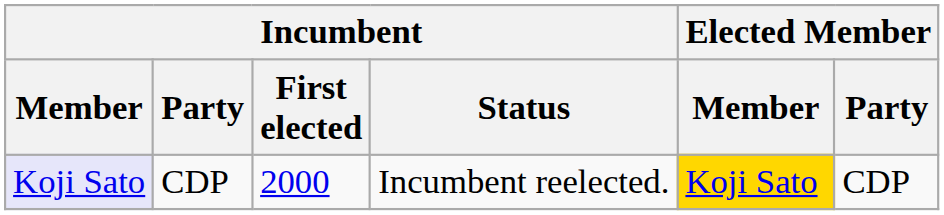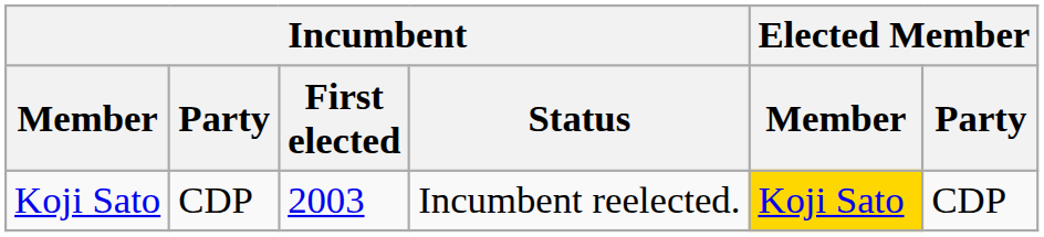 <table class="wikitable sortable">
 <tr>
 <th colspan=4>Incumbent</th>
 <th colspan=2>Elected Member</th>
 </tr>
 <tr>
 <th>Member</th>
 <th>Party</th>
 <th>First<br>elected</th>
 <th>Status</th>
 <th>Member</th>
 <th>Party</th>
 </tr>
 <tr>
-<td style="background: lavender;"><a href='#'>Koji Sato</a></td>
+<td><a href='#'>Koji Sato</a></td>
 <td>CDP</td>
-<td><a href='#'>2000</a></td>
+<td><a href='#'>2003</a></td>
 <td>Incumbent reelected.</td>
 <td style="background: gold;"><a href='#'>Koji Sato</a></td>
 <td>CDP</td>
 </tr>
 </table>
